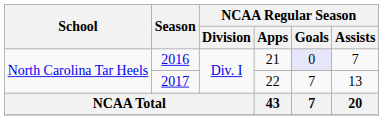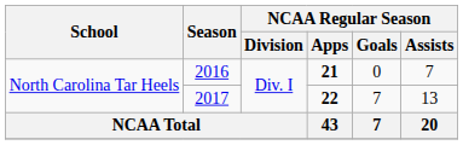 <table class="wikitable" style="text-align: center;">
 <tr>
 <th rowspan="2">School</th>
 <th rowspan="2">Season</th>
 <th colspan="4">NCAA Regular Season</th>
 </tr>
 <tr>
 <th>Division</th>
 <th>Apps</th>
 <th>Goals</th>
 <th>Assists</th>
 </tr>
 <tr>
 <td rowspan="2"><a href='#'>North Carolina Tar Heels</a></td>
 <td><a href='#'>2016</a></td>
 <td rowspan="2"><a href='#'>Div. I</a></td>
-<td>21</td>
-<td style="background: lavender;">0</td>
+<td><strong>21</strong></td>
+<td>0</td>
 <td>7</td>
 </tr>
 <tr>
 <td><a href='#'>2017</a></td>
-<td>22</td>
+<td><strong>22</strong></td>
 <td>7</td>
 <td>13</td>
 </tr>
 <tr>
 <th colspan="3">NCAA Total</th>
 <th>43</th>
 <th>7</th>
 <th>20</th>
 </tr>
 <tr>
 </tr>
 </table>
